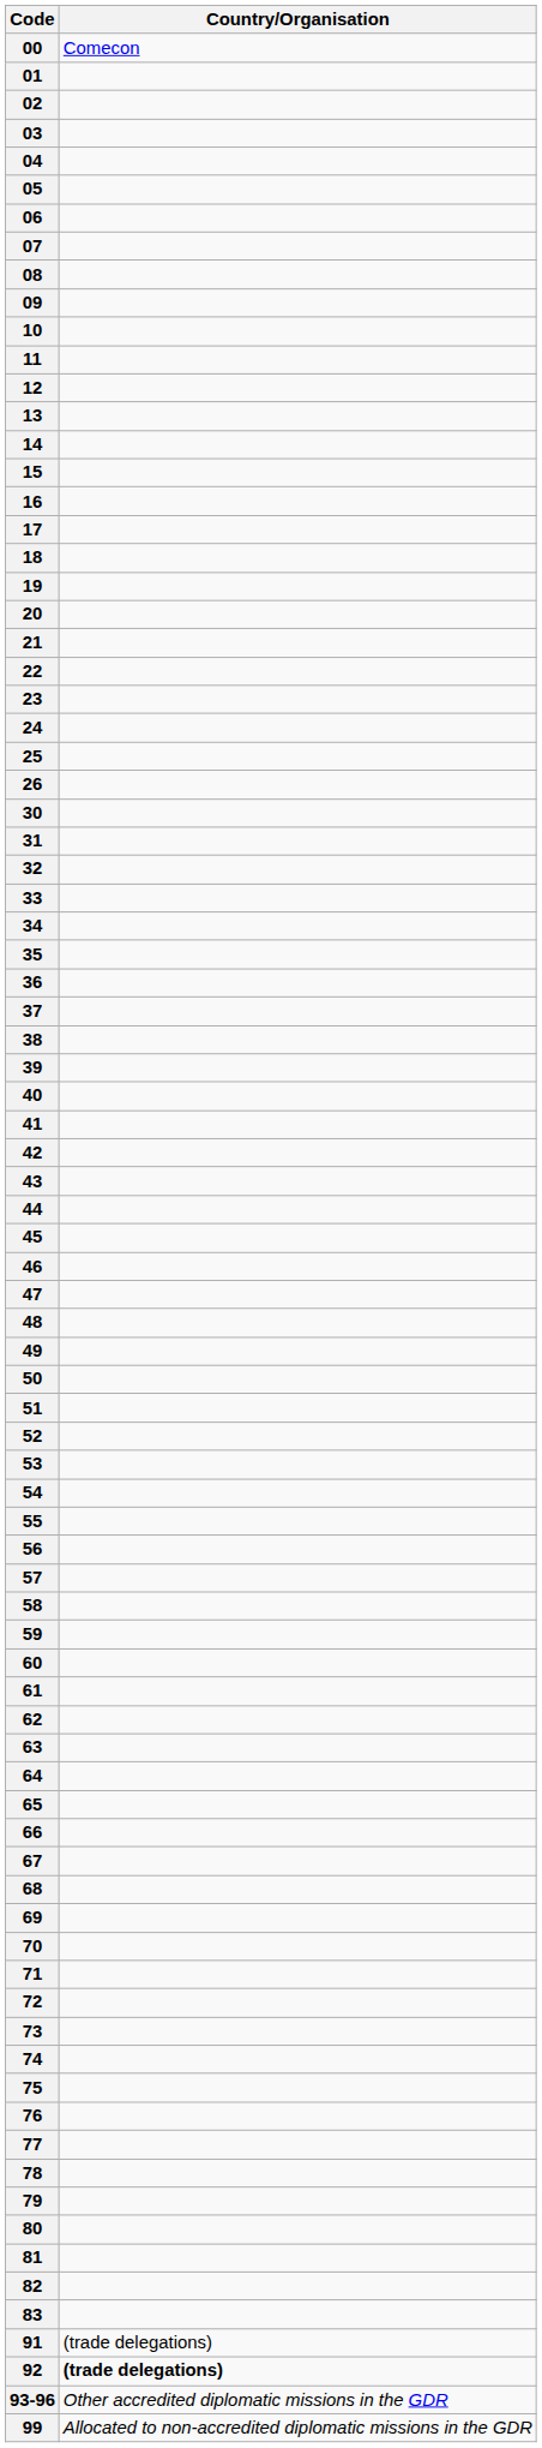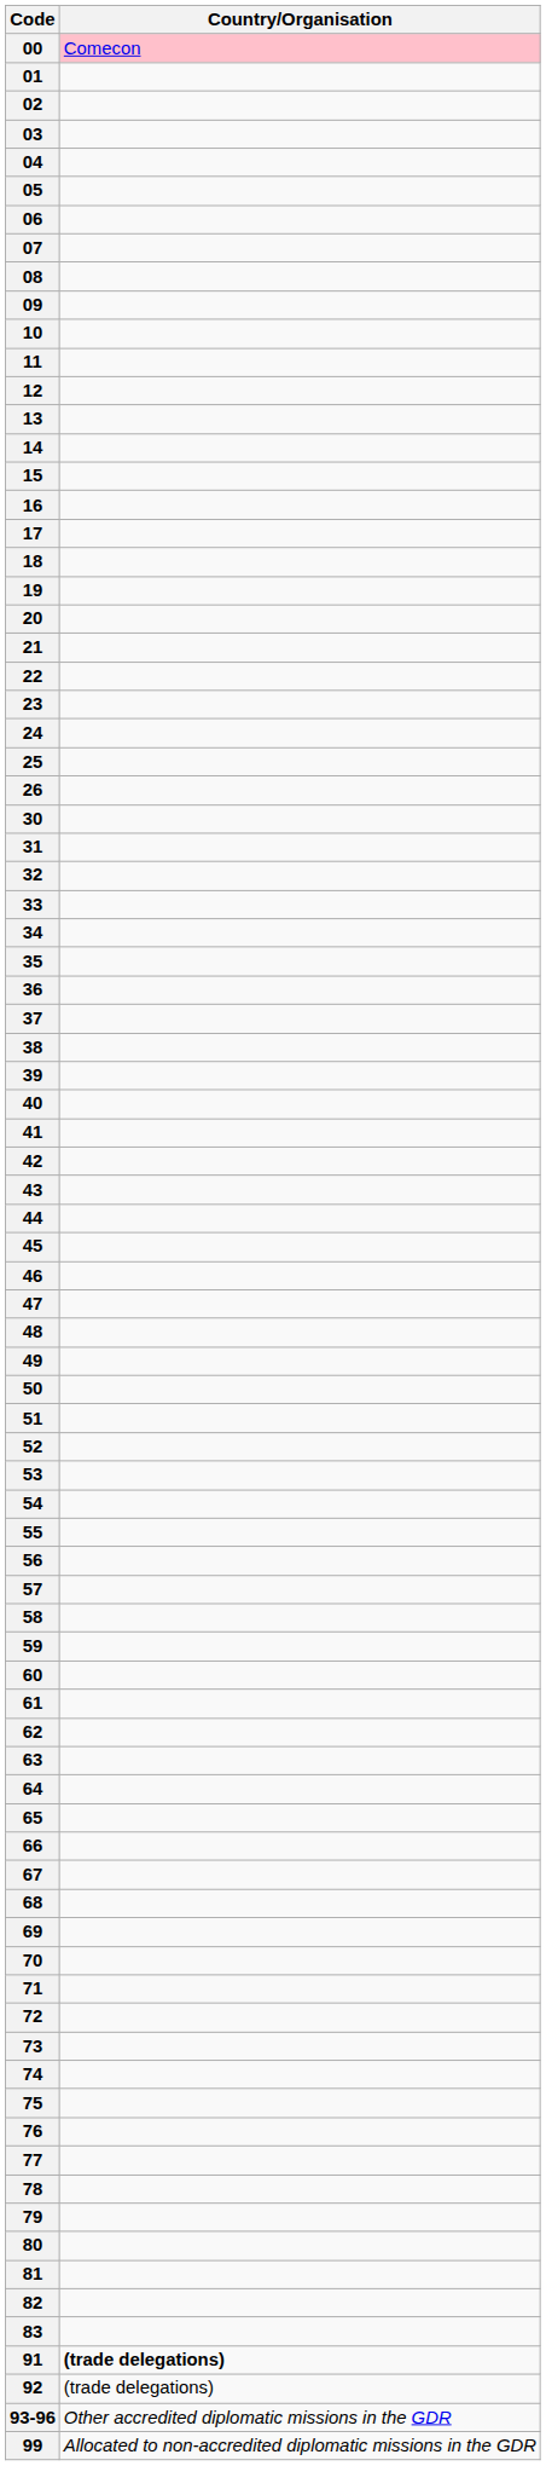 <table class="wikitable sortable">
 <tr>
 <th>Code</th>
 <th>Country/Organisation</th>
 </tr>
 <tr>
 <th>00</th>
-<td> <a href='#'>Comecon</a></td>
+<td style="background: pink;"> <a href='#'>Comecon</a></td>
 </tr>
 <tr>
 <th>01</th>
 <td></td>
 </tr>
 <tr>
 <th>02</th>
 <td></td>
 </tr>
 <tr>
 <th>03</th>
 <td></td>
 </tr>
 <tr>
 <th>04</th>
 <td></td>
 </tr>
 <tr>
 <th>05</th>
 <td></td>
 </tr>
 <tr>
 <th>06</th>
 <td></td>
 </tr>
 <tr>
 <th>07</th>
 <td></td>
 </tr>
 <tr>
 <th>08</th>
 <td></td>
 </tr>
 <tr>
 <th>09</th>
 <td></td>
 </tr>
 <tr>
 <th>10</th>
 <td></td>
 </tr>
 <tr>
 <th>11</th>
 <td></td>
 </tr>
 <tr>
 <th>12</th>
 <td></td>
 </tr>
 <tr>
 <th>13</th>
 <td></td>
 </tr>
 <tr>
 <th>14</th>
 <td></td>
 </tr>
 <tr>
 <th>15</th>
 <td></td>
 </tr>
 <tr>
 <th>16</th>
 <td></td>
 </tr>
 <tr>
 <th>17</th>
 <td></td>
 </tr>
 <tr>
 <th>18</th>
 <td></td>
 </tr>
 <tr>
 <th>19</th>
 <td></td>
 </tr>
 <tr>
 <th>20</th>
 <td></td>
 </tr>
 <tr>
 <th>21</th>
 <td></td>
 </tr>
 <tr>
 <th>22</th>
 <td></td>
 </tr>
 <tr>
 <th>23</th>
 <td></td>
 </tr>
 <tr>
 <th>24</th>
 <td></td>
 </tr>
 <tr>
 <th>25</th>
 <td></td>
 </tr>
 <tr>
 <th>26</th>
 <td></td>
 </tr>
 <tr>
 <th>30</th>
 <td></td>
 </tr>
 <tr>
 <th>31</th>
 <td></td>
 </tr>
 <tr>
 <th>32</th>
 <td></td>
 </tr>
 <tr>
 <th>33</th>
 <td></td>
 </tr>
 <tr>
 <th>34</th>
 <td></td>
 </tr>
 <tr>
 <th>35</th>
 <td></td>
 </tr>
 <tr>
 <th>36</th>
 <td></td>
 </tr>
 <tr>
 <th>37</th>
 <td></td>
 </tr>
 <tr>
 <th>38</th>
 <td></td>
 </tr>
 <tr>
 <th>39</th>
 <td></td>
 </tr>
 <tr>
 <th>40</th>
 <td></td>
 </tr>
 <tr>
 <th>41</th>
 <td></td>
 </tr>
 <tr>
 <th>42</th>
 <td></td>
 </tr>
 <tr>
 <th>43</th>
 <td></td>
 </tr>
 <tr>
 <th>44</th>
 <td></td>
 </tr>
 <tr>
 <th>45</th>
 <td></td>
 </tr>
 <tr>
 <th>46</th>
 <td></td>
 </tr>
 <tr>
 <th>47</th>
 <td></td>
 </tr>
 <tr>
 <th>48</th>
 <td></td>
 </tr>
 <tr>
 <th>49</th>
 <td></td>
 </tr>
 <tr>
 <th>50</th>
 <td></td>
 </tr>
 <tr>
 <th>51</th>
 <td></td>
 </tr>
 <tr>
 <th>52</th>
 <td></td>
 </tr>
 <tr>
 <th>53</th>
 <td></td>
 </tr>
 <tr>
 <th>54</th>
 <td></td>
 </tr>
 <tr>
 <th>55</th>
 <td></td>
 </tr>
 <tr>
 <th>56</th>
 <td></td>
 </tr>
 <tr>
 <th>57</th>
 <td></td>
 </tr>
 <tr>
 <th>58</th>
 <td></td>
 </tr>
 <tr>
 <th>59</th>
 <td></td>
 </tr>
 <tr>
 <th>60</th>
 <td></td>
 </tr>
 <tr>
 <th>61</th>
 <td></td>
 </tr>
 <tr>
 <th>62</th>
 <td></td>
 </tr>
 <tr>
 <th>63</th>
 <td></td>
 </tr>
 <tr>
 <th>64</th>
 <td></td>
 </tr>
 <tr>
 <th>65</th>
 <td></td>
 </tr>
 <tr>
 <th>66</th>
 <td></td>
 </tr>
 <tr>
 <th>67</th>
 <td></td>
 </tr>
 <tr>
 <th>68</th>
 <td></td>
 </tr>
 <tr>
 <th>69</th>
 <td></td>
 </tr>
 <tr>
 <th>70</th>
 <td></td>
 </tr>
 <tr>
 <th>71</th>
 <td></td>
 </tr>
 <tr>
 <th>72</th>
 <td></td>
 </tr>
 <tr>
 <th>73</th>
 <td></td>
 </tr>
 <tr>
 <th>74</th>
 <td></td>
 </tr>
 <tr>
 <th>75</th>
 <td></td>
 </tr>
 <tr>
 <th>76</th>
 <td></td>
 </tr>
 <tr>
 <th>77</th>
 <td></td>
 </tr>
 <tr>
 <th>78</th>
 <td></td>
 </tr>
 <tr>
 <th>79</th>
 <td></td>
 </tr>
 <tr>
 <th>80</th>
 <td></td>
 </tr>
 <tr>
 <th>81</th>
 <td></td>
 </tr>
 <tr>
 <th>82</th>
 <td></td>
 </tr>
 <tr>
 <th>83</th>
 <td></td>
 </tr>
 <tr>
 <th>91</th>
-<td> (trade delegations)</td>
+<td><strong> (trade delegations)</strong></td>
 </tr>
 <tr>
 <th>92</th>
-<td><strong> (trade delegations)</strong></td>
+<td> (trade delegations)</td>
 </tr>
 <tr>
 <th>93-96</th>
 <td><em>Other accredited diplomatic missions in the <a href='#'>GDR</a></em></td>
 </tr>
 <tr>
 <th>99</th>
 <td><em>Allocated to non-accredited diplomatic missions in the GDR</em></td>
 </tr>
 </table>
